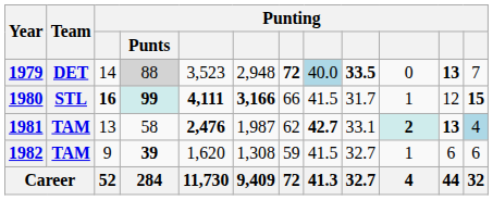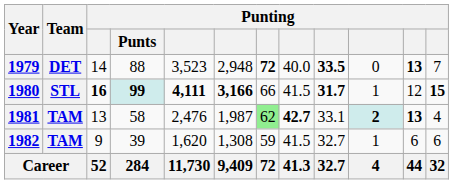 <table class=wikitable style="text-align:center;">
 <tr>
 <th rowspan="2">Year</th>
 <th rowspan="2">Team</th>
 <th colspan="10">Punting</th>
 </tr>
 <tr>
 <th></th>
 <th>Punts</th>
 <th></th>
 <th></th>
 <th></th>
 <th></th>
 <th></th>
 <th></th>
 <th></th>
 <th></th>
 </tr>
 <tr>
 <th><a href='#'>1979</a></th>
 <th><a href='#'>DET</a></th>
 <td>14</td>
-<td style="background: lightgrey;">88</td>
+<td>88</td>
 <td>3,523</td>
 <td>2,948</td>
 <td><strong>72</strong></td>
-<td style="background: lightblue;">40.0</td>
+<td>40.0</td>
 <td><strong>33.5</strong></td>
 <td>0</td>
 <td><strong>13</strong></td>
 <td>7</td>
 </tr>
 <tr>
 <th><a href='#'>1980</a></th>
 <th><a href='#'>STL</a></th>
 <td><strong>16</strong></td>
 <td style="background:#cfecec; width:3em;"><strong>99</strong></td>
 <td><strong>4,111</strong></td>
 <td><strong>3,166</strong></td>
 <td>66</td>
 <td>41.5</td>
-<td>31.7</td>
+<td><strong>31.7</strong></td>
 <td>1</td>
 <td>12</td>
 <td><strong>15</strong></td>
 </tr>
 <tr>
 <th><a href='#'>1981</a></th>
 <th><a href='#'>TAM</a></th>
 <td>13</td>
 <td>58</td>
-<td><strong>2,476</strong></td>
+<td>2,476</td>
 <td>1,987</td>
-<td>62</td>
+<td style="background: lightgreen;">62</td>
 <td><strong>42.7</strong></td>
 <td>33.1</td>
 <td style="background:#cfecec; width:3em;"><strong>2</strong></td>
 <td><strong>13</strong></td>
-<td style="background: lightblue;">4</td>
+<td>4</td>
 </tr>
 <tr>
 <th><a href='#'>1982</a></th>
 <th><a href='#'>TAM</a></th>
 <td>9</td>
-<td><strong>39</strong></td>
+<td>39</td>
 <td>1,620</td>
 <td>1,308</td>
 <td>59</td>
 <td>41.5</td>
 <td>32.7</td>
 <td>1</td>
 <td>6</td>
 <td>6</td>
 </tr>
 <tr>
 <th colspan="2">Career</th>
 <th>52</th>
 <th>284</th>
 <th>11,730</th>
 <th>9,409</th>
 <th>72</th>
 <th>41.3</th>
 <th>32.7</th>
 <th>4</th>
 <th>44</th>
 <th>32</th>
 </tr>
 </table>
